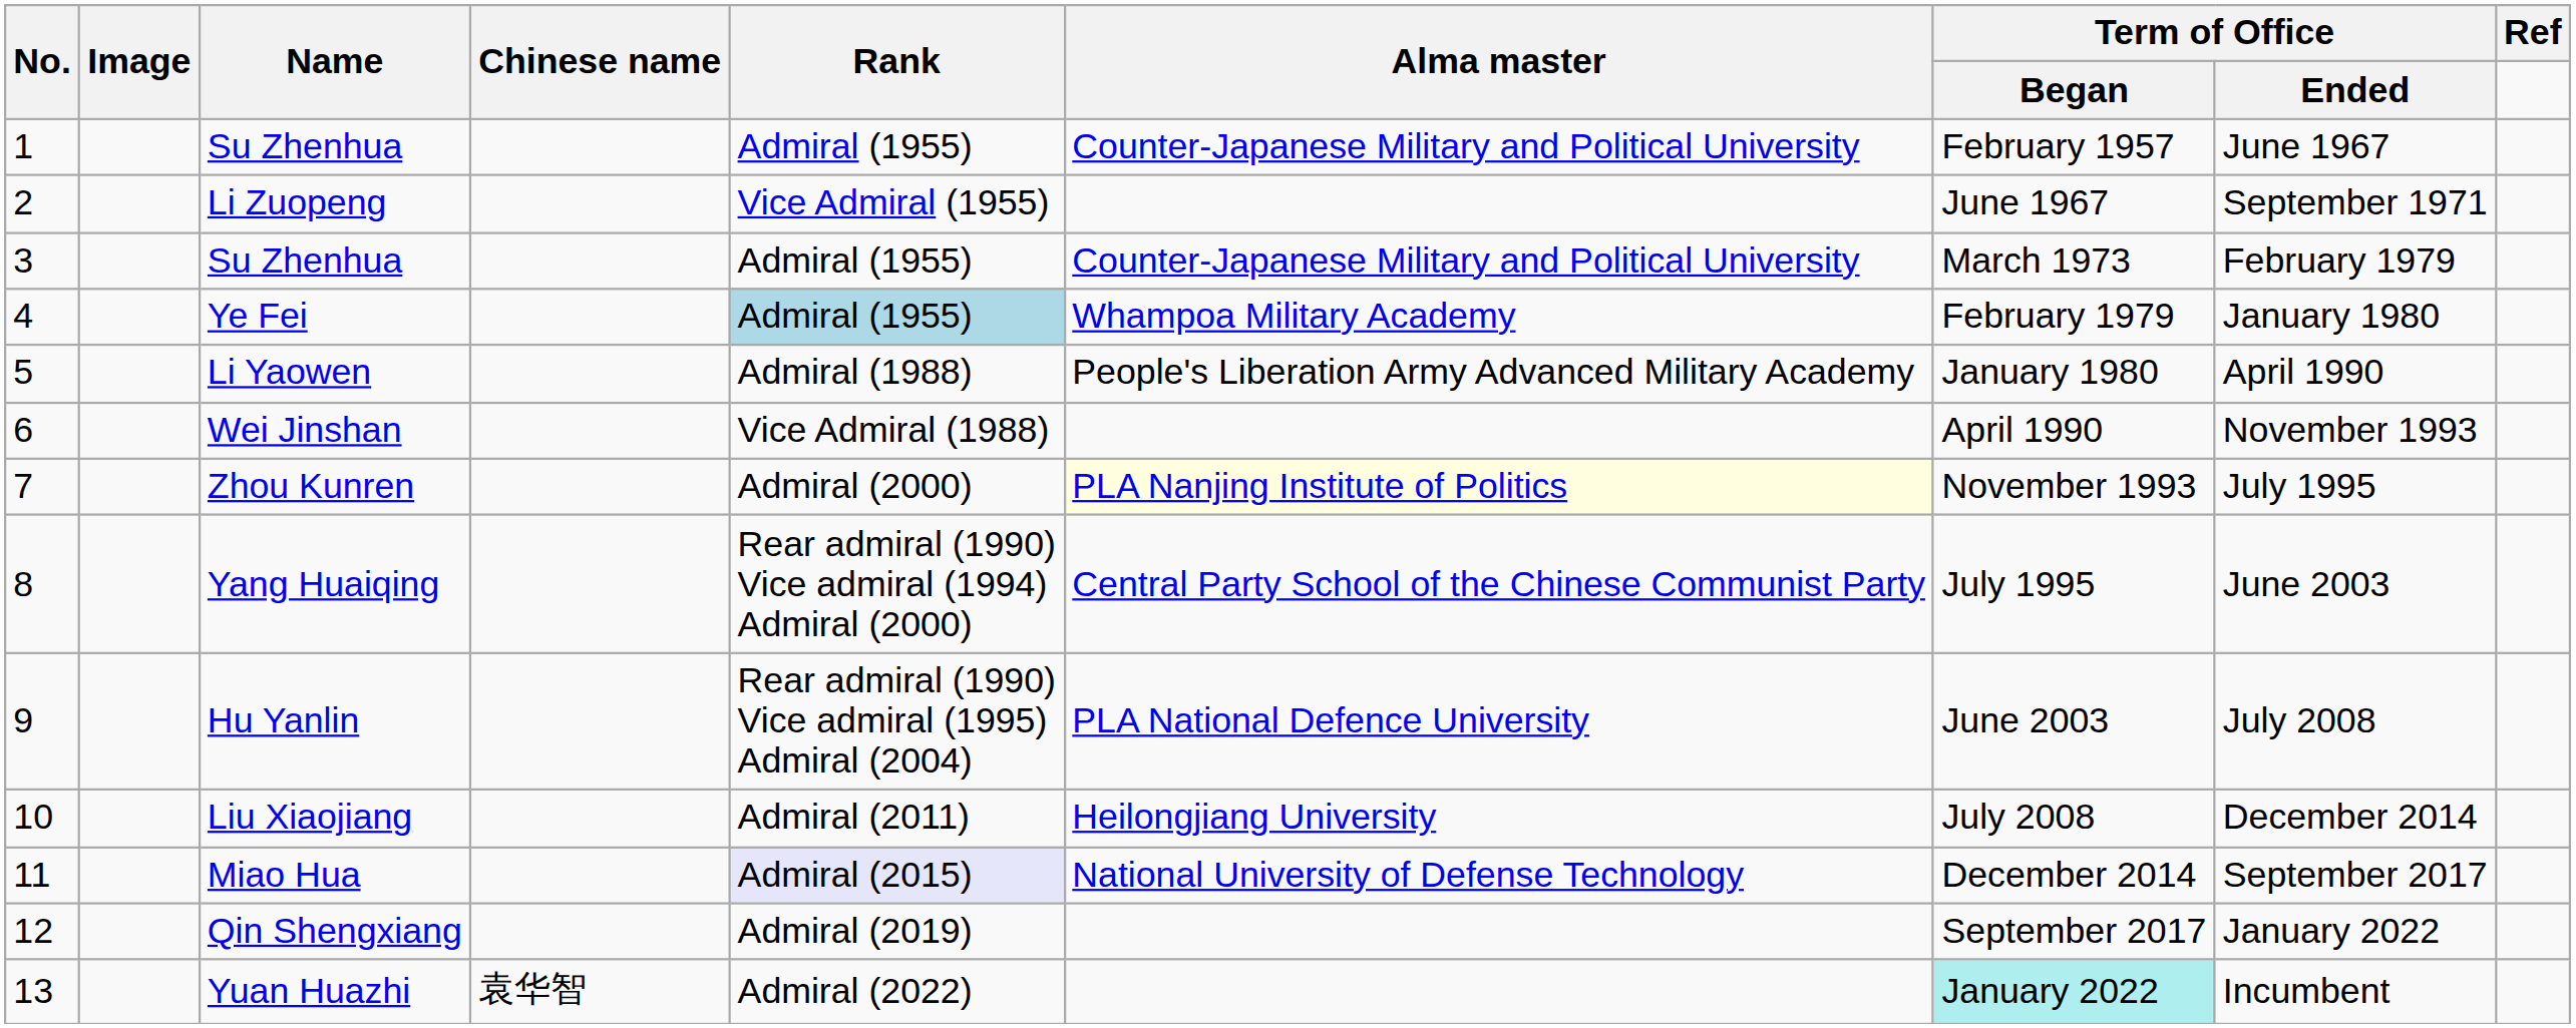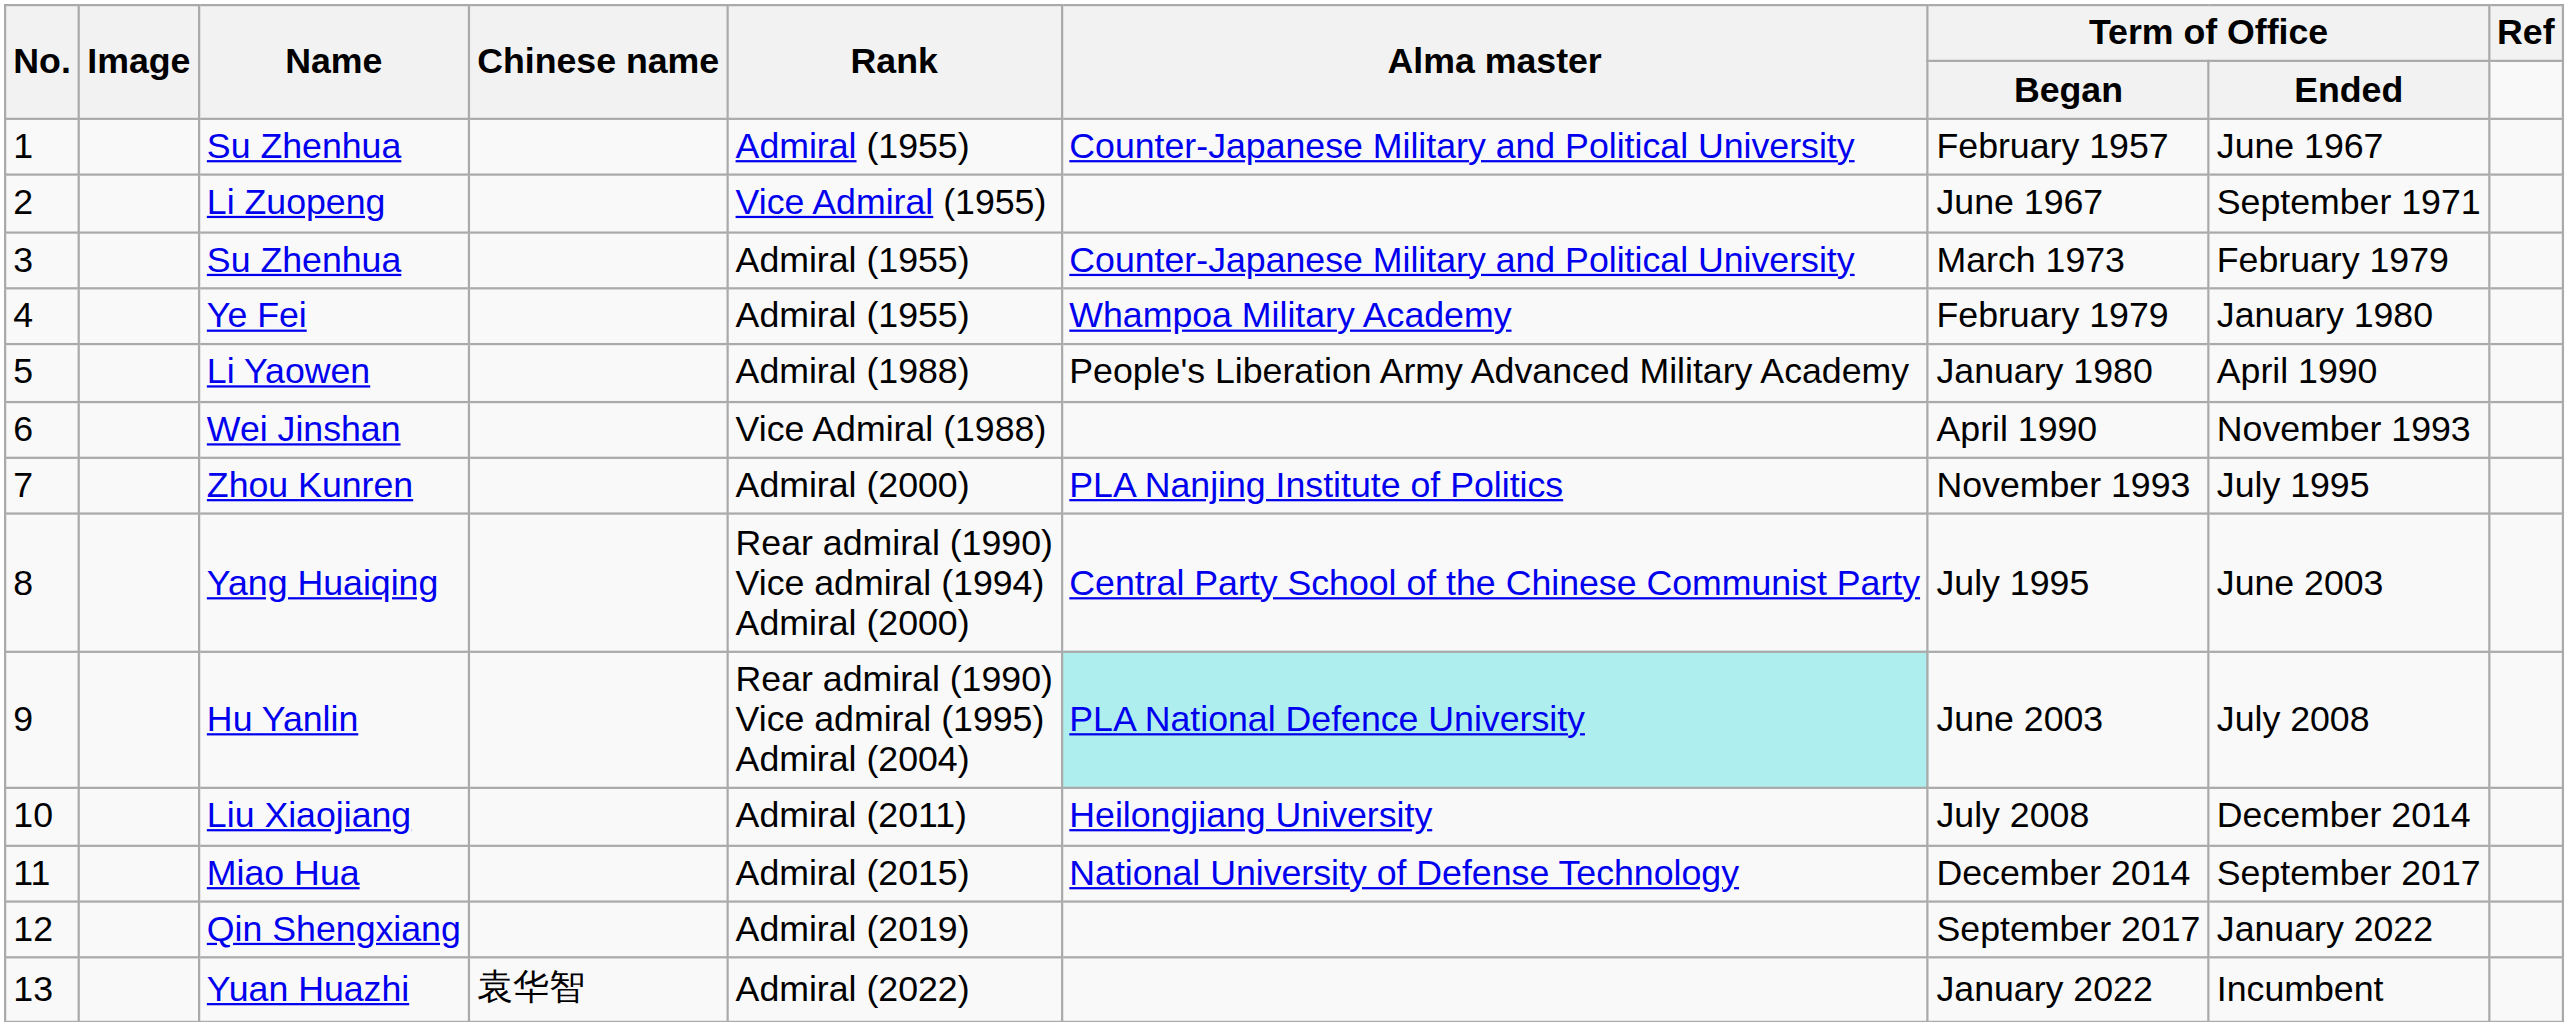 <table class="wikitable">
 <tr>
 <th rowspan="2">No.</th>
 <th rowspan="2">Image</th>
 <th rowspan="2">Name</th>
 <th rowspan="2">Chinese name</th>
 <th rowspan="2">Rank</th>
 <th rowspan="2">Alma master</th>
 <th colspan="2">Term of Office</th>
 <th colspan="2">Ref</th>
 </tr>
 <tr>
 <th>Began</th>
 <th>Ended</th>
 </tr>
 <tr>
 <td>1</td>
 <td></td>
 <td><a href='#'>Su Zhenhua</a></td>
 <td></td>
 <td><a href='#'>Admiral</a> (1955)</td>
 <td><a href='#'>Counter-Japanese Military and Political University</a></td>
 <td>February 1957</td>
 <td>June 1967</td>
 <td></td>
 </tr>
 <tr>
 <td>2</td>
 <td></td>
 <td><a href='#'>Li Zuopeng</a></td>
 <td></td>
 <td><a href='#'>Vice Admiral</a> (1955)</td>
 <td></td>
 <td>June 1967</td>
 <td>September 1971</td>
 <td></td>
 </tr>
 <tr>
 <td>3</td>
 <td></td>
 <td><a href='#'>Su Zhenhua</a></td>
 <td></td>
 <td>Admiral (1955)</td>
 <td><a href='#'>Counter-Japanese Military and Political University</a></td>
 <td>March 1973</td>
 <td>February 1979</td>
 <td></td>
 </tr>
 <tr>
 <td>4</td>
 <td></td>
 <td><a href='#'>Ye Fei</a></td>
 <td></td>
-<td style="background: lightblue;">Admiral (1955)</td>
+<td>Admiral (1955)</td>
 <td><a href='#'>Whampoa Military Academy</a></td>
 <td>February 1979</td>
 <td>January 1980</td>
 <td></td>
 </tr>
 <tr>
 <td>5</td>
 <td></td>
 <td><a href='#'>Li Yaowen</a></td>
 <td></td>
 <td>Admiral (1988)</td>
 <td>People's Liberation Army Advanced Military Academy</td>
 <td>January 1980</td>
 <td>April 1990</td>
 <td></td>
 </tr>
 <tr>
 <td>6</td>
 <td></td>
 <td><a href='#'>Wei Jinshan</a></td>
 <td></td>
 <td>Vice Admiral (1988)</td>
 <td></td>
 <td>April 1990</td>
 <td>November 1993</td>
 <td></td>
 </tr>
 <tr>
 <td>7</td>
 <td></td>
 <td><a href='#'>Zhou Kunren</a></td>
 <td></td>
 <td>Admiral (2000)</td>
-<td style="background: lightyellow;"><a href='#'>PLA Nanjing Institute of Politics</a></td>
+<td><a href='#'>PLA Nanjing Institute of Politics</a></td>
 <td>November 1993</td>
 <td>July 1995</td>
 <td></td>
 </tr>
 <tr>
 <td>8</td>
 <td></td>
 <td><a href='#'>Yang Huaiqing</a></td>
 <td></td>
 <td>Rear admiral (1990)<br>Vice admiral (1994)<br>Admiral (2000)</td>
 <td><a href='#'>Central Party School of the Chinese Communist Party</a></td>
 <td>July 1995</td>
 <td>June 2003</td>
 <td></td>
 </tr>
 <tr>
 <td>9</td>
 <td></td>
 <td><a href='#'>Hu Yanlin</a></td>
 <td></td>
 <td>Rear admiral (1990)<br>Vice admiral (1995)<br>Admiral (2004)</td>
-<td><a href='#'>PLA National Defence University</a></td>
+<td style="background: paleturquoise;"><a href='#'>PLA National Defence University</a></td>
 <td>June 2003</td>
 <td>July 2008</td>
 <td></td>
 </tr>
 <tr>
 <td>10</td>
 <td></td>
 <td><a href='#'>Liu Xiaojiang</a></td>
 <td></td>
 <td>Admiral (2011)</td>
 <td><a href='#'>Heilongjiang University</a></td>
 <td>July 2008</td>
 <td>December 2014</td>
 <td></td>
 </tr>
 <tr>
 <td>11</td>
 <td></td>
 <td><a href='#'>Miao Hua</a></td>
 <td></td>
-<td style="background: lavender;">Admiral (2015)</td>
+<td>Admiral (2015)</td>
 <td><a href='#'>National University of Defense Technology</a></td>
 <td>December 2014</td>
 <td>September 2017</td>
 <td></td>
 </tr>
 <tr>
 <td>12</td>
 <td></td>
 <td><a href='#'>Qin Shengxiang</a></td>
 <td></td>
 <td>Admiral (2019)</td>
 <td></td>
 <td>September 2017</td>
 <td>January 2022</td>
 <td></td>
 </tr>
 <tr>
 <td>13</td>
 <td></td>
 <td><a href='#'>Yuan Huazhi</a></td>
 <td>袁华智</td>
 <td>Admiral (2022)</td>
 <td></td>
-<td style="background: paleturquoise;">January 2022</td>
+<td>January 2022</td>
 <td>Incumbent</td>
 <td></td>
 </tr>
 <tr>
 </tr>
 </table>
